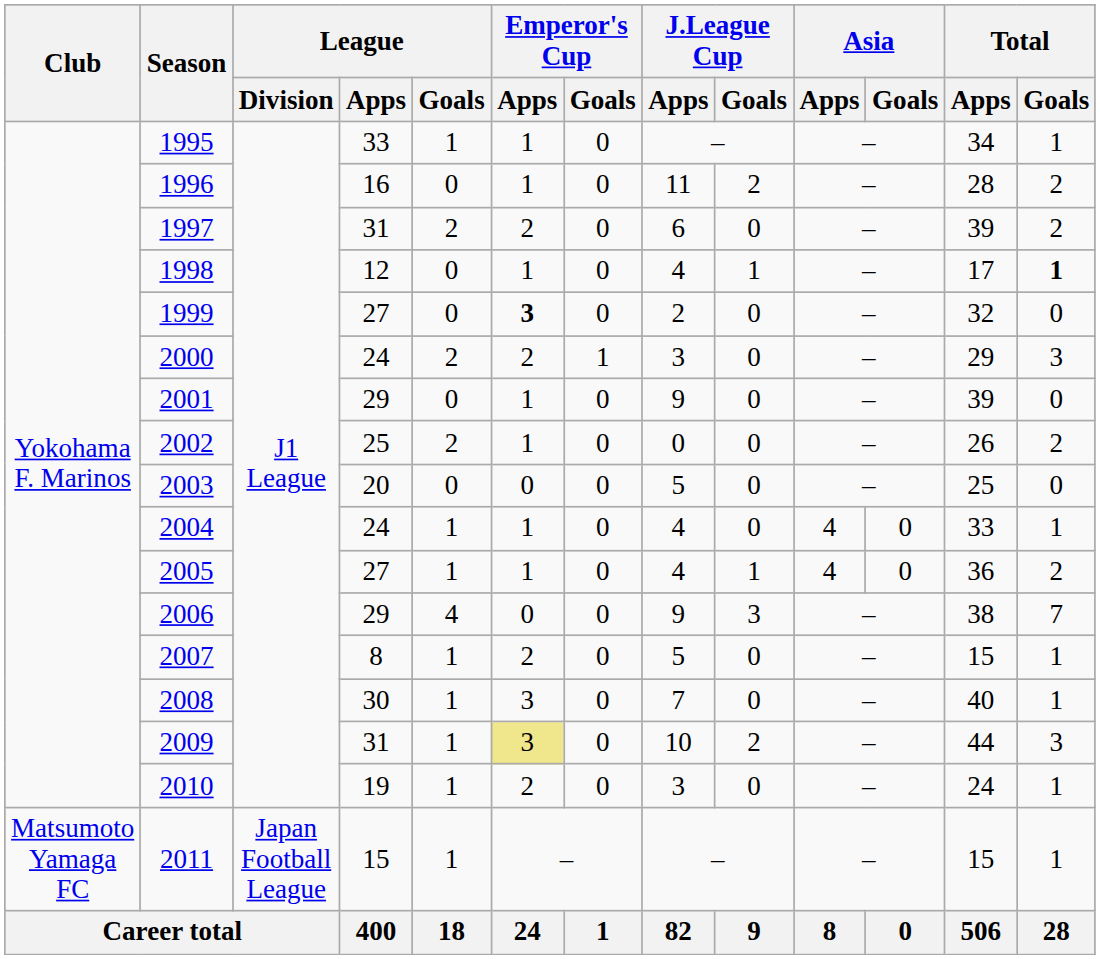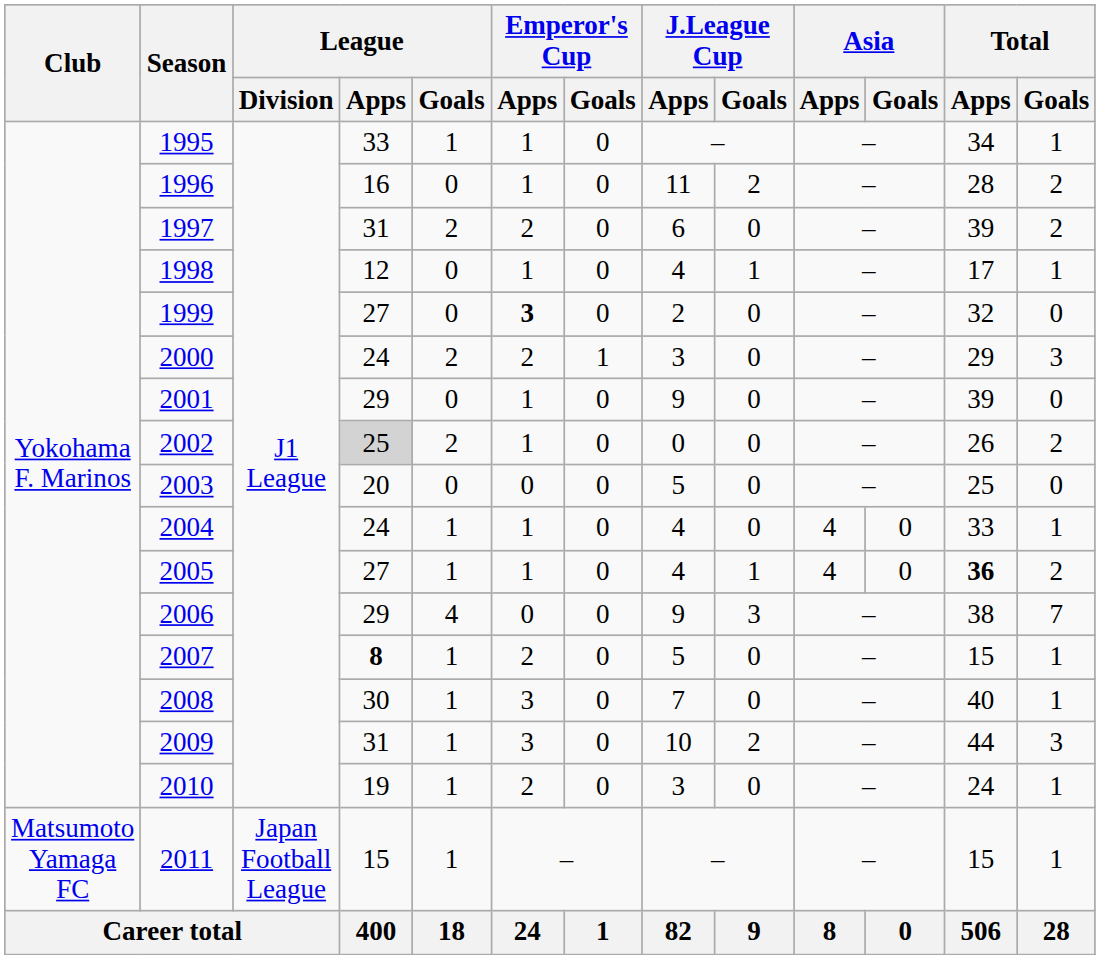 <table class="wikitable" style="text-align:center">
 <tr>
 <th rowspan="2">Club</th>
 <th rowspan="2">Season</th>
 <th colspan="3">League</th>
 <th colspan="2"><a href='#'>Emperor's Cup</a></th>
 <th colspan="2"><a href='#'>J.League Cup</a></th>
 <th colspan="2"><a href='#'>Asia</a></th>
 <th colspan="2">Total</th>
 </tr>
 <tr>
 <th>Division</th>
 <th>Apps</th>
 <th>Goals</th>
 <th>Apps</th>
 <th>Goals</th>
 <th>Apps</th>
 <th>Goals</th>
 <th>Apps</th>
 <th>Goals</th>
 <th>Apps</th>
 <th>Goals</th>
 </tr>
 <tr>
 <td rowspan="16"><a href='#'>Yokohama F. Marinos</a></td>
 <td><a href='#'>1995</a></td>
 <td rowspan="16"><a href='#'>J1 League</a></td>
 <td>33</td>
 <td>1</td>
 <td>1</td>
 <td>0</td>
 <td colspan="2">–</td>
 <td colspan="2">–</td>
 <td>34</td>
 <td>1</td>
 </tr>
 <tr>
 <td><a href='#'>1996</a></td>
 <td>16</td>
 <td>0</td>
 <td>1</td>
 <td>0</td>
 <td>11</td>
 <td>2</td>
 <td colspan="2">–</td>
 <td>28</td>
 <td>2</td>
 </tr>
 <tr>
 <td><a href='#'>1997</a></td>
 <td>31</td>
 <td>2</td>
 <td>2</td>
 <td>0</td>
 <td>6</td>
 <td>0</td>
 <td colspan="2">–</td>
 <td>39</td>
 <td>2</td>
 </tr>
 <tr>
 <td><a href='#'>1998</a></td>
 <td>12</td>
 <td>0</td>
 <td>1</td>
 <td>0</td>
 <td>4</td>
 <td>1</td>
 <td colspan="2">–</td>
 <td>17</td>
-<td><strong>1</strong></td>
+<td>1</td>
 </tr>
 <tr>
 <td><a href='#'>1999</a></td>
 <td>27</td>
 <td>0</td>
 <td><strong>3</strong></td>
 <td>0</td>
 <td>2</td>
 <td>0</td>
 <td colspan="2">–</td>
 <td>32</td>
 <td>0</td>
 </tr>
 <tr>
 <td><a href='#'>2000</a></td>
 <td>24</td>
 <td>2</td>
 <td>2</td>
 <td>1</td>
 <td>3</td>
 <td>0</td>
 <td colspan="2">–</td>
 <td>29</td>
 <td>3</td>
 </tr>
 <tr>
 <td><a href='#'>2001</a></td>
 <td>29</td>
 <td>0</td>
 <td>1</td>
 <td>0</td>
 <td>9</td>
 <td>0</td>
 <td colspan="2">–</td>
 <td>39</td>
 <td>0</td>
 </tr>
 <tr>
 <td><a href='#'>2002</a></td>
-<td>25</td>
+<td style="background: lightgrey;">25</td>
 <td>2</td>
 <td>1</td>
 <td>0</td>
 <td>0</td>
 <td>0</td>
 <td colspan="2">–</td>
 <td>26</td>
 <td>2</td>
 </tr>
 <tr>
 <td><a href='#'>2003</a></td>
 <td>20</td>
 <td>0</td>
 <td>0</td>
 <td>0</td>
 <td>5</td>
 <td>0</td>
 <td colspan="2">–</td>
 <td>25</td>
 <td>0</td>
 </tr>
 <tr>
 <td><a href='#'>2004</a></td>
 <td>24</td>
 <td>1</td>
 <td>1</td>
 <td>0</td>
 <td>4</td>
 <td>0</td>
 <td>4</td>
 <td>0</td>
 <td>33</td>
 <td>1</td>
 </tr>
 <tr>
 <td><a href='#'>2005</a></td>
 <td>27</td>
 <td>1</td>
 <td>1</td>
 <td>0</td>
 <td>4</td>
 <td>1</td>
 <td>4</td>
 <td>0</td>
-<td>36</td>
+<td><strong>36</strong></td>
 <td>2</td>
 </tr>
 <tr>
 <td><a href='#'>2006</a></td>
 <td>29</td>
 <td>4</td>
 <td>0</td>
 <td>0</td>
 <td>9</td>
 <td>3</td>
 <td colspan="2">–</td>
 <td>38</td>
 <td>7</td>
 </tr>
 <tr>
 <td><a href='#'>2007</a></td>
-<td>8</td>
+<td><strong>8</strong></td>
 <td>1</td>
 <td>2</td>
 <td>0</td>
 <td>5</td>
 <td>0</td>
 <td colspan="2">–</td>
 <td>15</td>
 <td>1</td>
 </tr>
 <tr>
 <td><a href='#'>2008</a></td>
 <td>30</td>
 <td>1</td>
 <td>3</td>
 <td>0</td>
 <td>7</td>
 <td>0</td>
 <td colspan="2">–</td>
 <td>40</td>
 <td>1</td>
 </tr>
 <tr>
 <td><a href='#'>2009</a></td>
 <td>31</td>
 <td>1</td>
-<td style="background: khaki;">3</td>
+<td>3</td>
 <td>0</td>
 <td>10</td>
 <td>2</td>
 <td colspan="2">–</td>
 <td>44</td>
 <td>3</td>
 </tr>
 <tr>
 <td><a href='#'>2010</a></td>
 <td>19</td>
 <td>1</td>
 <td>2</td>
 <td>0</td>
 <td>3</td>
 <td>0</td>
 <td colspan="2">–</td>
 <td>24</td>
 <td>1</td>
 </tr>
 <tr>
 <td><a href='#'>Matsumoto Yamaga FC</a></td>
 <td><a href='#'>2011</a></td>
 <td><a href='#'>Japan Football League</a></td>
 <td>15</td>
 <td>1</td>
 <td colspan="2">–</td>
 <td colspan="2">–</td>
 <td colspan="2">–</td>
 <td>15</td>
 <td>1</td>
 </tr>
 <tr>
 <th colspan="3">Career total</th>
 <th>400</th>
 <th>18</th>
 <th>24</th>
 <th>1</th>
 <th>82</th>
 <th>9</th>
 <th>8</th>
 <th>0</th>
 <th>506</th>
 <th>28</th>
 </tr>
 </table>
